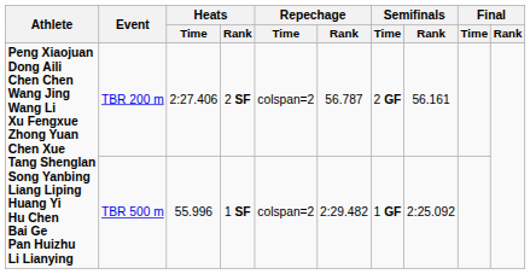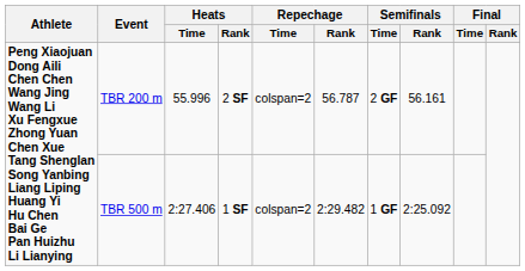 <table class="wikitable" style="text-align:center; font-size:90%">
 <tr>
 <th rowspan="2">Athlete</th>
 <th rowspan="2">Event</th>
 <th colspan="2">Heats</th>
 <th colspan="2">Repechage</th>
 <th colspan="2">Semifinals</th>
 <th colspan="2">Final</th>
 </tr>
 <tr style=font-size:95%>
 <th>Time</th>
 <th>Rank</th>
 <th>Time</th>
 <th>Rank</th>
 <th>Time</th>
 <th>Rank</th>
 <th>Time</th>
 <th>Rank</th>
 </tr>
 <tr>
 <td align=left rowspan=2><strong>Peng Xiaojuan<br>Dong Aili<br>Chen Chen<br>Wang Jing<br>Wang Li<br>Xu Fengxue<br>Zhong Yuan<br>Chen Xue<br>Tang Shenglan<br>Song Yanbing<br>Liang Liping<br>Huang Yi<br>Hu Chen<br>Bai Ge<br>Pan Huizhu<br>Li Lianying</strong></td>
 <td align=left><a href='#'>TBR 200 m</a></td>
-<td>2:27.406</td>
+<td>55.996</td>
 <td>2 <strong>SF</strong></td>
 <td>colspan=2 </td>
 <td>56.787</td>
 <td>2 <strong>GF</strong></td>
 <td>56.161</td>
 <td></td>
 </tr>
 <tr>
 <td align=left><a href='#'>TBR 500 m</a></td>
-<td>55.996</td>
+<td>2:27.406</td>
 <td>1 <strong>SF</strong></td>
 <td>colspan=2 </td>
 <td>2:29.482</td>
 <td>1 <strong>GF</strong></td>
 <td>2:25.092</td>
 <td></td>
 </tr>
 </table>
